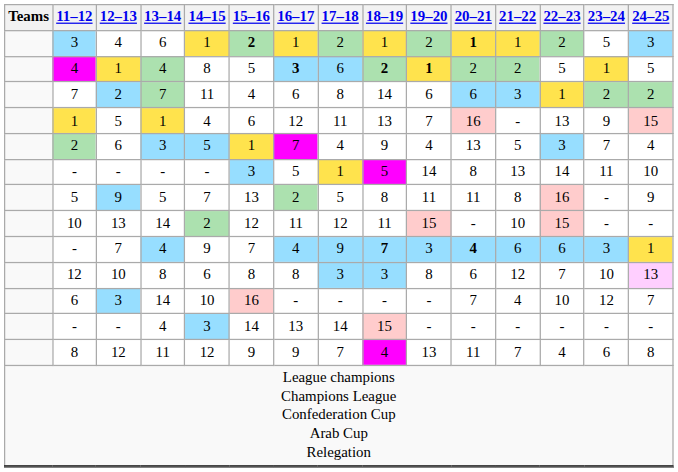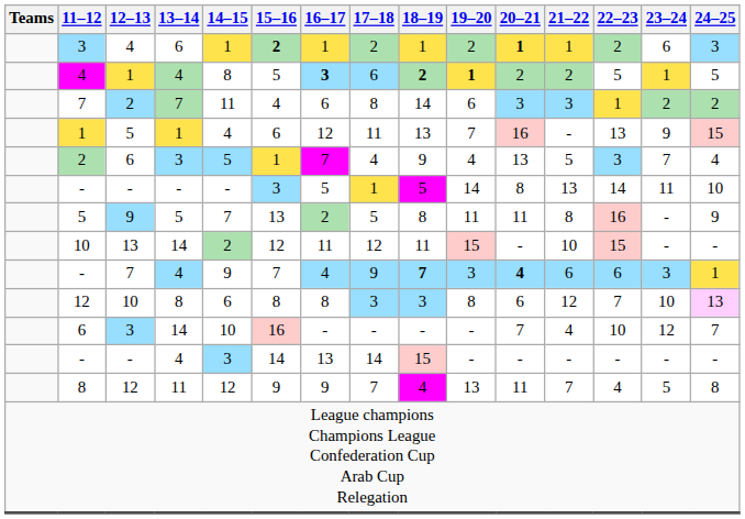 <table class="wikitable sortable" style="text-align:center; font-size:75%">
 <tr>
 <th>Teams</th>
 <th><a href='#'>11–12</a></th>
 <th><a href='#'>12–13</a></th>
 <th><a href='#'>13–14</a></th>
 <th><a href='#'>14–15</a></th>
 <th><a href='#'>15–16</a></th>
 <th><a href='#'>16–17</a></th>
 <th><a href='#'>17–18</a></th>
 <th><a href='#'>18–19</a></th>
 <th><a href='#'>19–20</a></th>
 <th><a href='#'>20–21</a></th>
 <th><a href='#'>21–22</a></th>
 <th><a href='#'>22–23</a></th>
 <th><a href='#'>23–24</a></th>
 <th><a href='#'>24–25</a></th>
 </tr>
 <tr>
 <td></td>
 <td style="background: #97DEFF;">3</td>
 <td style="background: #FFFFFF;">4</td>
 <td style="background: #FFFFFF;">6</td>
 <td style="background: #ffe34d;">1</td>
 <td style="background: #ACE1AF;"><strong>2</strong></td>
 <td style="background: #ffe34d;">1</td>
 <td style="background: #ACE1AF;">2</td>
 <td style="background: #ffe34d;">1</td>
 <td style="background: #ACE1AF;">2</td>
 <td style="background: #ffe34d;"><strong>1</strong></td>
 <td style="background: #ffe34d;">1</td>
 <td style="background: #ACE1AF;">2</td>
-<td style="background: #FFFFFF;">5</td>
+<td style="background: #FFFFFF;">6</td>
 <td style="background: #97DEFF;">3</td>
 </tr>
 <tr>
 <td></td>
 <td style="background: #FF00FF;">4</td>
 <td style="background: #ffe34d;">1</td>
 <td style="background: #ACE1AF;">4</td>
 <td style="background: #FFFFFF;">8</td>
 <td style="background: #FFFFFF;">5</td>
 <td style="background: #97DEFF;"><strong>3</strong></td>
 <td style="background: #97DEFF;">6</td>
 <td style="background: #ACE1AF;"><strong>2</strong></td>
 <td style="background: #ffe34d;"><strong>1</strong></td>
 <td style="background: #ACE1AF;">2</td>
 <td style="background: #ACE1AF;">2</td>
 <td style="background: #FFFFFF;">5</td>
 <td style="background: #ffe34d;">1</td>
 <td style="background: #FFFFFF;">5</td>
 </tr>
 <tr>
 <td></td>
 <td style="background: #FFFFFF;">7</td>
 <td style="background: #97DEFF;">2</td>
 <td style="background: #ACE1AF;">7</td>
 <td style="background: #FFFFFF;">11</td>
 <td style="background: #FFFFFF;">4</td>
 <td style="background: #FFFFFF;">6</td>
 <td style="background: #FFFFFF;">8</td>
 <td style="background: #FFFFFF;">14</td>
 <td style="background: #FFFFFF;">6</td>
-<td style="background: #97DEFF;">6</td>
+<td style="background: #97DEFF;">3</td>
 <td style="background: #97DEFF;">3</td>
 <td style="background: #ffe34d;">1</td>
 <td style="background: #ACE1AF;">2</td>
 <td style="background: #ACE1AF;">2</td>
 </tr>
 <tr>
 <td></td>
 <td style="background: #ffe34d;">1</td>
 <td style="background: #FFFFFF;">5</td>
 <td style="background: #ffe34d;">1</td>
 <td style="background: #FFFFFF;">4</td>
 <td style="background: #FFFFFF;">6</td>
 <td style="background: #FFFFFF;">12</td>
 <td style="background: #FFFFFF;">11</td>
 <td style="background: #FFFFFF;">13</td>
 <td style="background: #FFFFFF;">7</td>
 <td style="background: #FFCCCC;">16</td>
 <td style="background: #FFFFFF;">-</td>
 <td style="background: #FFFFFF;">13</td>
 <td style="background: #FFFFFF;">9</td>
 <td style="background: #FFCCCC;">15</td>
 </tr>
 <tr>
 <td></td>
 <td style="background: #ACE1AF;">2</td>
 <td style="background: #FFFFFF;">6</td>
 <td style="background: #97DEFF;">3</td>
 <td style="background: #97DEFF;">5</td>
 <td style="background: #ffe34d;">1</td>
 <td style="background: #FF00FF;">7</td>
 <td style="background: #FFFFFF;">4</td>
 <td style="background: #FFFFFF;">9</td>
 <td style="background: #FFFFFF;">4</td>
 <td style="background: #FFFFFF;">13</td>
 <td style="background: #FFFFFF;">5</td>
 <td style="background: #97DEFF;">3</td>
 <td style="background: #FFFFFF;">7</td>
 <td style="background: #FFFFFF;">4</td>
 </tr>
 <tr>
 <td></td>
 <td style="background: #FFFFFF;">-</td>
 <td style="background: #FFFFFF;">-</td>
 <td style="background: #FFFFFF;">-</td>
 <td style="background: #FFFFFF;">-</td>
 <td style="background: #97DEFF;">3</td>
 <td style="background: #FFFFFF;">5</td>
 <td style="background: #ffe34d;">1</td>
 <td style="background: #FF00FF;">5</td>
 <td style="background: #FFFFFF;">14</td>
 <td style="background: #FFFFFF;">8</td>
 <td style="background: #FFFFFF;">13</td>
 <td style="background: #FFFFFF;">14</td>
 <td style="background: #FFFFFF;">11</td>
 <td style="background: #FFFFFF;">10</td>
 </tr>
 <tr>
 <td></td>
 <td style="background: #FFFFFF;">5</td>
 <td style="background: #97DEFF;">9</td>
 <td style="background: #FFFFFF;">5</td>
 <td style="background: #FFFFFF;">7</td>
 <td style="background: #FFFFFF;">13</td>
 <td style="background: #ACE1AF;">2</td>
 <td style="background: #FFFFFF;">5</td>
 <td style="background: #FFFFFF;">8</td>
 <td style="background: #FFFFFF;">11</td>
 <td style="background: #FFFFFF;">11</td>
 <td style="background: #FFFFFF;">8</td>
 <td style="background: #FFCCCC;">16</td>
 <td style="background: #FFFFFF;">-</td>
 <td style="background: #FFFFFF;">9</td>
 </tr>
 <tr>
 <td></td>
 <td style="background: #FFFFFF;">10</td>
 <td style="background: #FFFFFF;">13</td>
 <td style="background: #FFFFFF;">14</td>
 <td style="background: #ACE1AF;">2</td>
 <td style="background: #FFFFFF;">12</td>
 <td style="background: #FFFFFF;">11</td>
 <td style="background: #FFFFFF;">12</td>
 <td style="background: #FFFFFF;">11</td>
 <td style="background: #FFCCCC;">15</td>
 <td style="background: #FFFFFF;">-</td>
 <td style="background: #FFFFFF;">10</td>
 <td style="background: #FFCCCC;">15</td>
 <td style="background: #FFFFFF;">-</td>
 <td style="background: #FFFFFF;">-</td>
 </tr>
 <tr>
 <td></td>
 <td style="background: #FFFFFF;">-</td>
 <td style="background: #FFFFFF;">7</td>
 <td style="background: #97DEFF;">4</td>
 <td style="background: #FFFFFF;">9</td>
 <td style="background: #FFFFFF;">7</td>
 <td style="background: #97DEFF;">4</td>
 <td style="background: #97DEFF;">9</td>
 <td style="background: #97DEFF;"><strong>7</strong></td>
 <td style="background: #97DEFF;">3</td>
 <td style="background: #97DEFF;"><strong>4</strong></td>
 <td style="background: #97DEFF;">6</td>
 <td style="background: #97DEFF;">6</td>
 <td style="background: #97DEFF;">3</td>
 <td style="background: #ffe34d;">1</td>
 </tr>
 <tr>
 <td></td>
 <td style="background: #FFFFFF;">12</td>
 <td style="background: #FFFFFF;">10</td>
 <td style="background: #FFFFFF;">8</td>
 <td style="background: #FFFFFF;">6</td>
 <td style="background: #FFFFFF;">8</td>
 <td style="background: #FFFFFF;">8</td>
 <td style="background: #97DEFF;">3</td>
 <td style="background: #97DEFF;">3</td>
 <td style="background: #FFFFFF;">8</td>
 <td style="background: #FFFFFF;">6</td>
 <td style="background: #FFFFFF;">12</td>
 <td style="background: #FFFFFF;">7</td>
 <td style="background: #FFFFFF;">10</td>
 <td style="background: #FFCFFF;">13</td>
 </tr>
 <tr>
 <td></td>
 <td style="background: #FFFFFF;">6</td>
 <td style="background: #97DEFF;">3</td>
 <td style="background: #FFFFFF;">14</td>
 <td style="background: #FFFFFF;">10</td>
 <td style="background: #FFCCCC;">16</td>
 <td style="background: #FFFFFF;">-</td>
 <td style="background: #FFFFFF;">-</td>
 <td style="background: #FFFFFF;">-</td>
 <td style="background: #FFFFFF;">-</td>
 <td style="background: #FFFFFF;">7</td>
 <td style="background: #FFFFFF;">4</td>
 <td style="background: #FFFFFF;">10</td>
 <td style="background: #FFFFFF;">12</td>
 <td style="background: #FFFFFF;">7</td>
 </tr>
 <tr>
 <td></td>
 <td style="background: #FFFFFF;">-</td>
 <td style="background: #FFFFFF;">-</td>
 <td style="background: #FFFFFF;">4</td>
 <td style="background: #97DEFF;">3</td>
 <td style="background: #FFFFFF;">14</td>
 <td style="background: #FFFFFF;">13</td>
 <td style="background: #FFFFFF;">14</td>
 <td style="background: #FFCCCC;">15</td>
 <td style="background: #FFFFFF;">-</td>
 <td style="background: #FFFFFF;">-</td>
 <td style="background: #FFFFFF;">-</td>
 <td style="background: #FFFFFF;">-</td>
 <td style="background: #FFFFFF;">-</td>
 <td style="background: #FFFFFF;">-</td>
 </tr>
 <tr>
 <td></td>
 <td style="background: #FFFFFF;">8</td>
 <td style="background: #FFFFFF;">12</td>
 <td style="background: #FFFFFF;">11</td>
 <td style="background: #FFFFFF;">12</td>
 <td style="background: #FFFFFF;">9</td>
 <td style="background: #FFFFFF;">9</td>
 <td style="background: #FFFFFF;">7</td>
 <td style="background: #FF00FF;">4</td>
 <td style="background: #FFFFFF;">13</td>
 <td style="background: #FFFFFF;">11</td>
 <td style="background: #FFFFFF;">7</td>
 <td style="background: #FFFFFF;">4</td>
-<td style="background: #FFFFFF;">6</td>
+<td style="background: #FFFFFF;">5</td>
 <td style="background: #FFFFFF;">8</td>
 </tr>
 <tr class="sortbottom">
 <td colspan="30"> League champions<br> Champions League <br> Confederation Cup<br> Arab Cup<br> Relegation</td>
 </tr>
 <tr style="border-top:3px solid black" class="sortbottom">
 </tr>
 </table>
